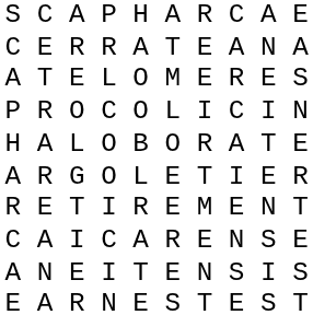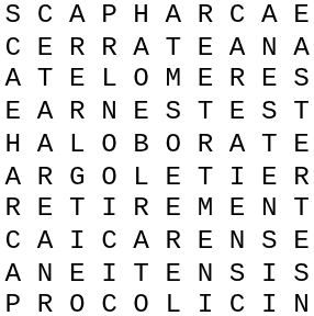 <table style="font-family: monospace; margin: 0 0 0 0; line-height:90%">
 <tr>
 <td>S C A P H A R C A E</td>
 </tr>
 <tr>
 <td>C E R R A T E A N A</td>
 </tr>
 <tr>
 <td>A T E L O M E R E S</td>
 </tr>
 <tr>
-<td>P R O C O L I C I N</td>
+<td>E A R N E S T E S T</td>
 </tr>
 <tr>
 <td>H A L O B O R A T E</td>
 </tr>
 <tr>
 <td>A R G O L E T I E R</td>
 </tr>
 <tr>
 <td>R E T I R E M E N T</td>
 </tr>
 <tr>
 <td>C A I C A R E N S E</td>
 </tr>
 <tr>
 <td>A N E I T E N S I S</td>
 </tr>
 <tr>
-<td>E A R N E S T E S T</td>
+<td>P R O C O L I C I N</td>
 </tr>
 </table>
